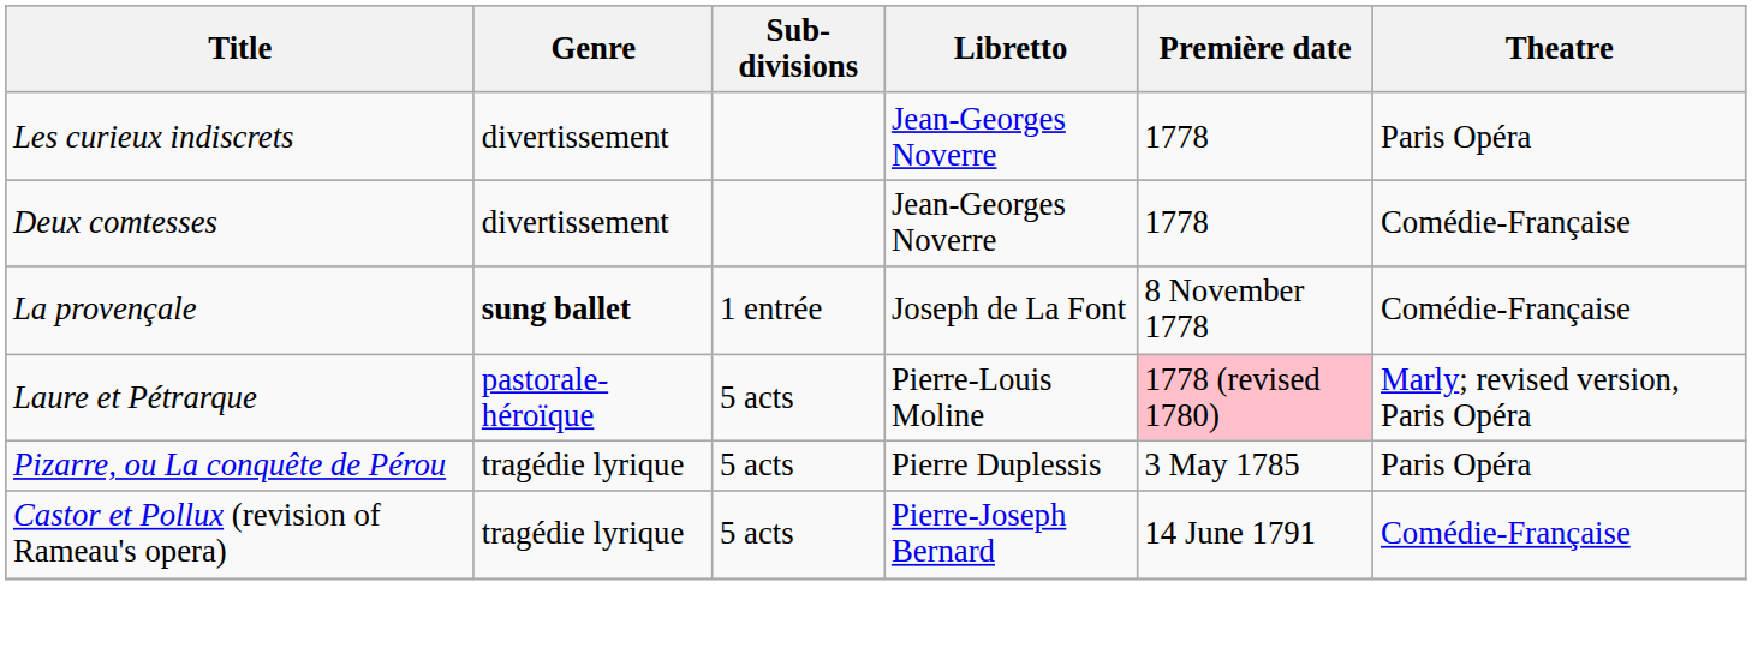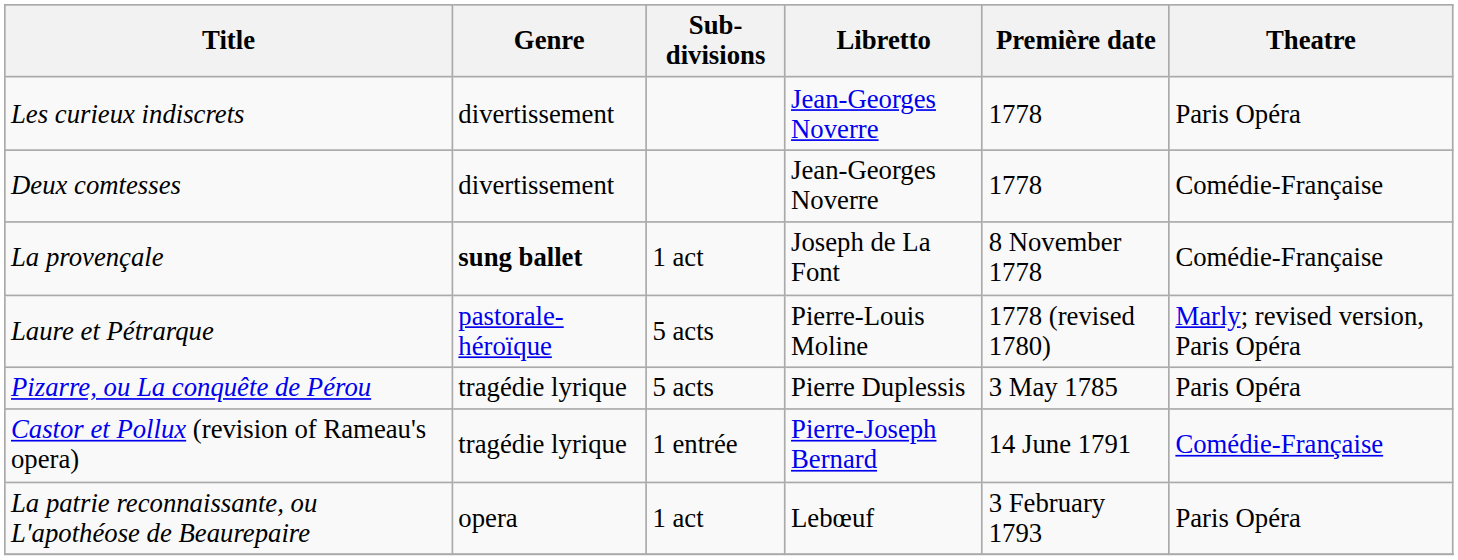 <table class="wikitable sortable">
 <tr>
 <th>Title</th>
 <th>Genre</th>
 <th>Sub­divisions</th>
 <th>Libretto</th>
 <th>Première date</th>
 <th>Theatre</th>
 </tr>
 <tr>
 <td><em>Les curieux indiscrets</em></td>
 <td>divertissement</td>
 <td></td>
 <td><a href='#'>Jean-Georges Noverre</a></td>
 <td>1778</td>
 <td>Paris Opéra</td>
 </tr>
 <tr>
 <td><em>Deux comtesses</em></td>
 <td>divertissement</td>
 <td></td>
 <td>Jean-Georges Noverre</td>
 <td>1778</td>
 <td>Comédie-Française</td>
 </tr>
 <tr>
 <td><em>La provençale</em> </td>
 <td><strong>sung ballet</strong></td>
-<td>1 entrée</td>
+<td>1 act</td>
 <td>Joseph de La Font</td>
 <td>8 November 1778</td>
 <td>Comédie-Française</td>
 </tr>
 <tr>
 <td><em>Laure et Pétrarque</em></td>
 <td><a href='#'>pastorale-héroïque</a></td>
 <td>5 acts</td>
 <td>Pierre-Louis Moline</td>
-<td style="background: pink;">1778 (revised 1780)</td>
+<td>1778 (revised 1780)</td>
 <td><a href='#'>Marly</a>; revised version, Paris Opéra</td>
 </tr>
 <tr>
 <td><em><a href='#'>Pizarre, ou La conquête de Pérou</a></em></td>
 <td>tragédie lyrique</td>
 <td>5 acts</td>
 <td>Pierre Duplessis</td>
 <td>3 May 1785</td>
 <td>Paris Opéra</td>
 </tr>
 <tr>
 <td><em><a href='#'>Castor et Pollux</a></em> (revision of Rameau's opera) </td>
 <td>tragédie lyrique</td>
-<td>5 acts</td>
+<td>1 entrée</td>
 <td><a href='#'>Pierre-Joseph Bernard</a></td>
 <td>14 June 1791</td>
 <td><a href='#'>Comédie-Française</a></td>
 </tr>
 <tr>
+<td><em>La patrie reconnaissante, ou L'apothéose de Beaurepaire</em></td>
+<td>opera</td>
+<td>1 act</td>
+<td>Lebœuf</td>
+<td>3 February 1793</td>
+<td>Paris Opéra</td>
+</tr>
+<tr>
 </tr>
 </table>
